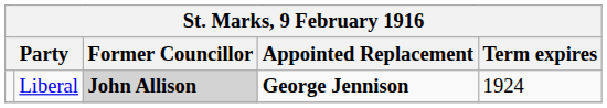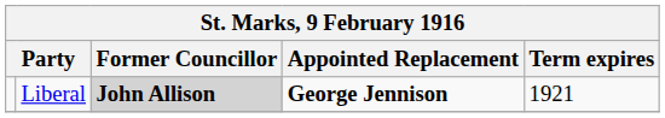 <table class="wikitable">
 <tr>
 <th colspan="5"><strong>St. Marks, 9 February 1916</strong></th>
 </tr>
 <tr>
 <th colspan="2">Party</th>
 <th>Former Councillor</th>
 <th>Appointed Replacement</th>
 <th>Term expires</th>
 </tr>
 <tr>
 <td style="background-color:"></td>
 <td><a href='#'>Liberal</a></td>
 <td style="background: lightgrey;"><strong>John Allison</strong></td>
 <td><strong>George Jennison</strong></td>
-<td>1924</td>
+<td>1921</td>
 </tr>
 <tr>
 </tr>
 </table>
